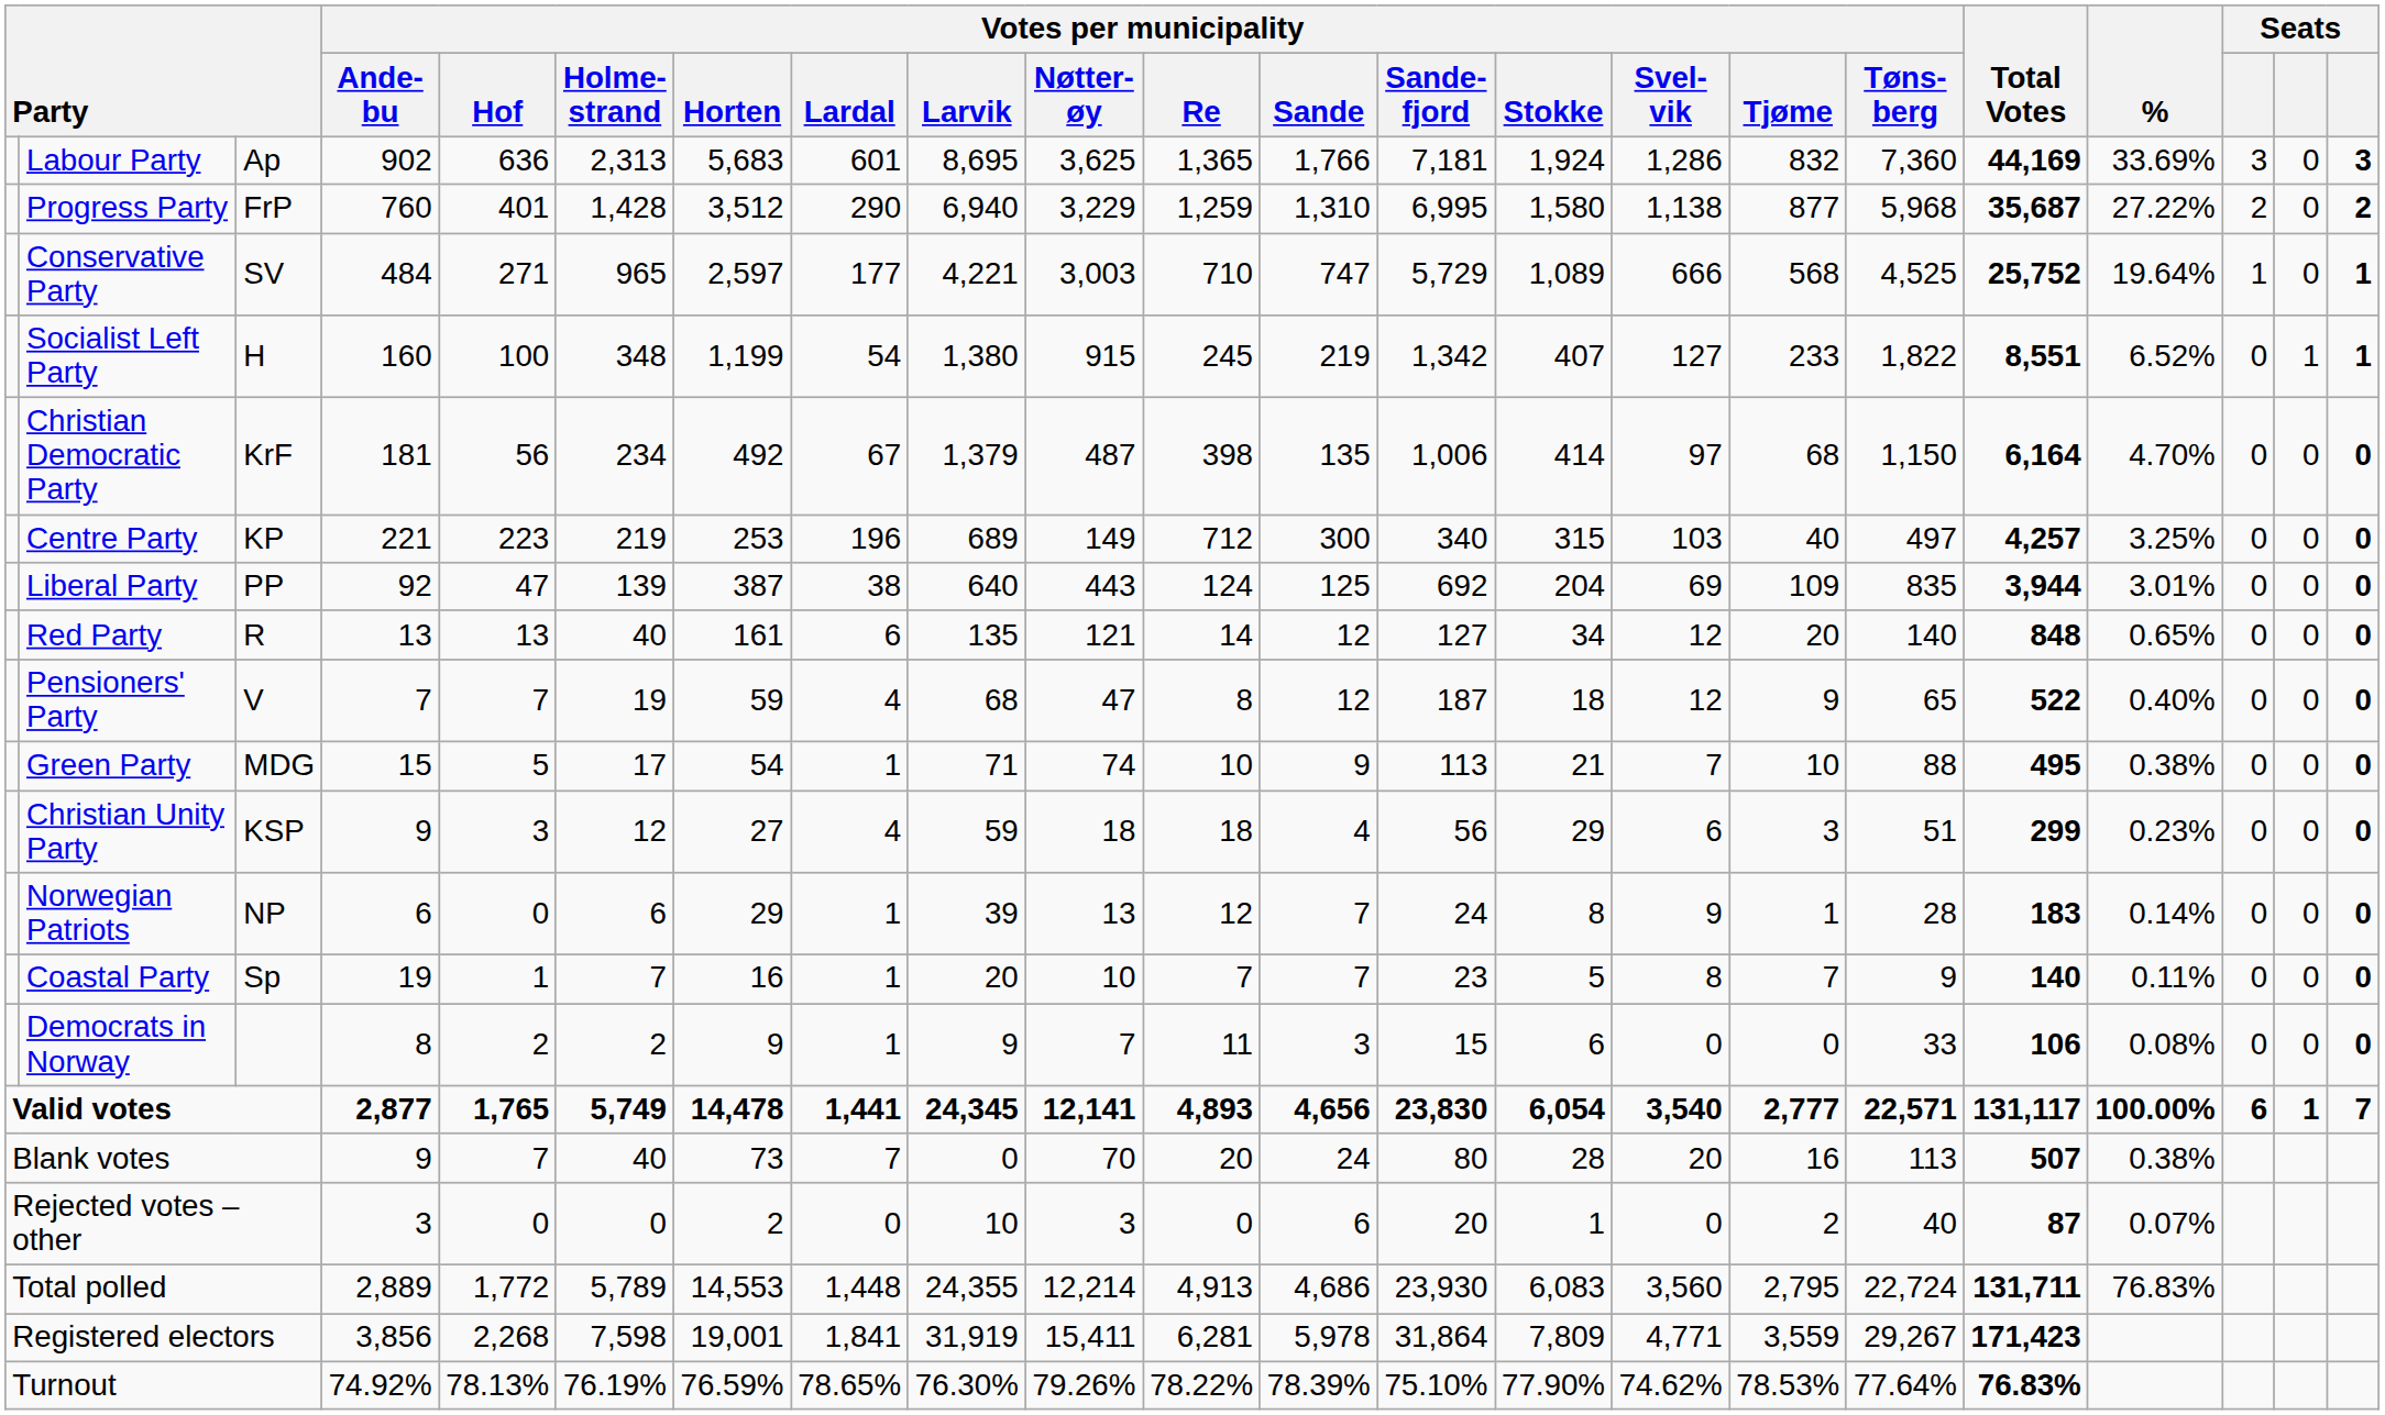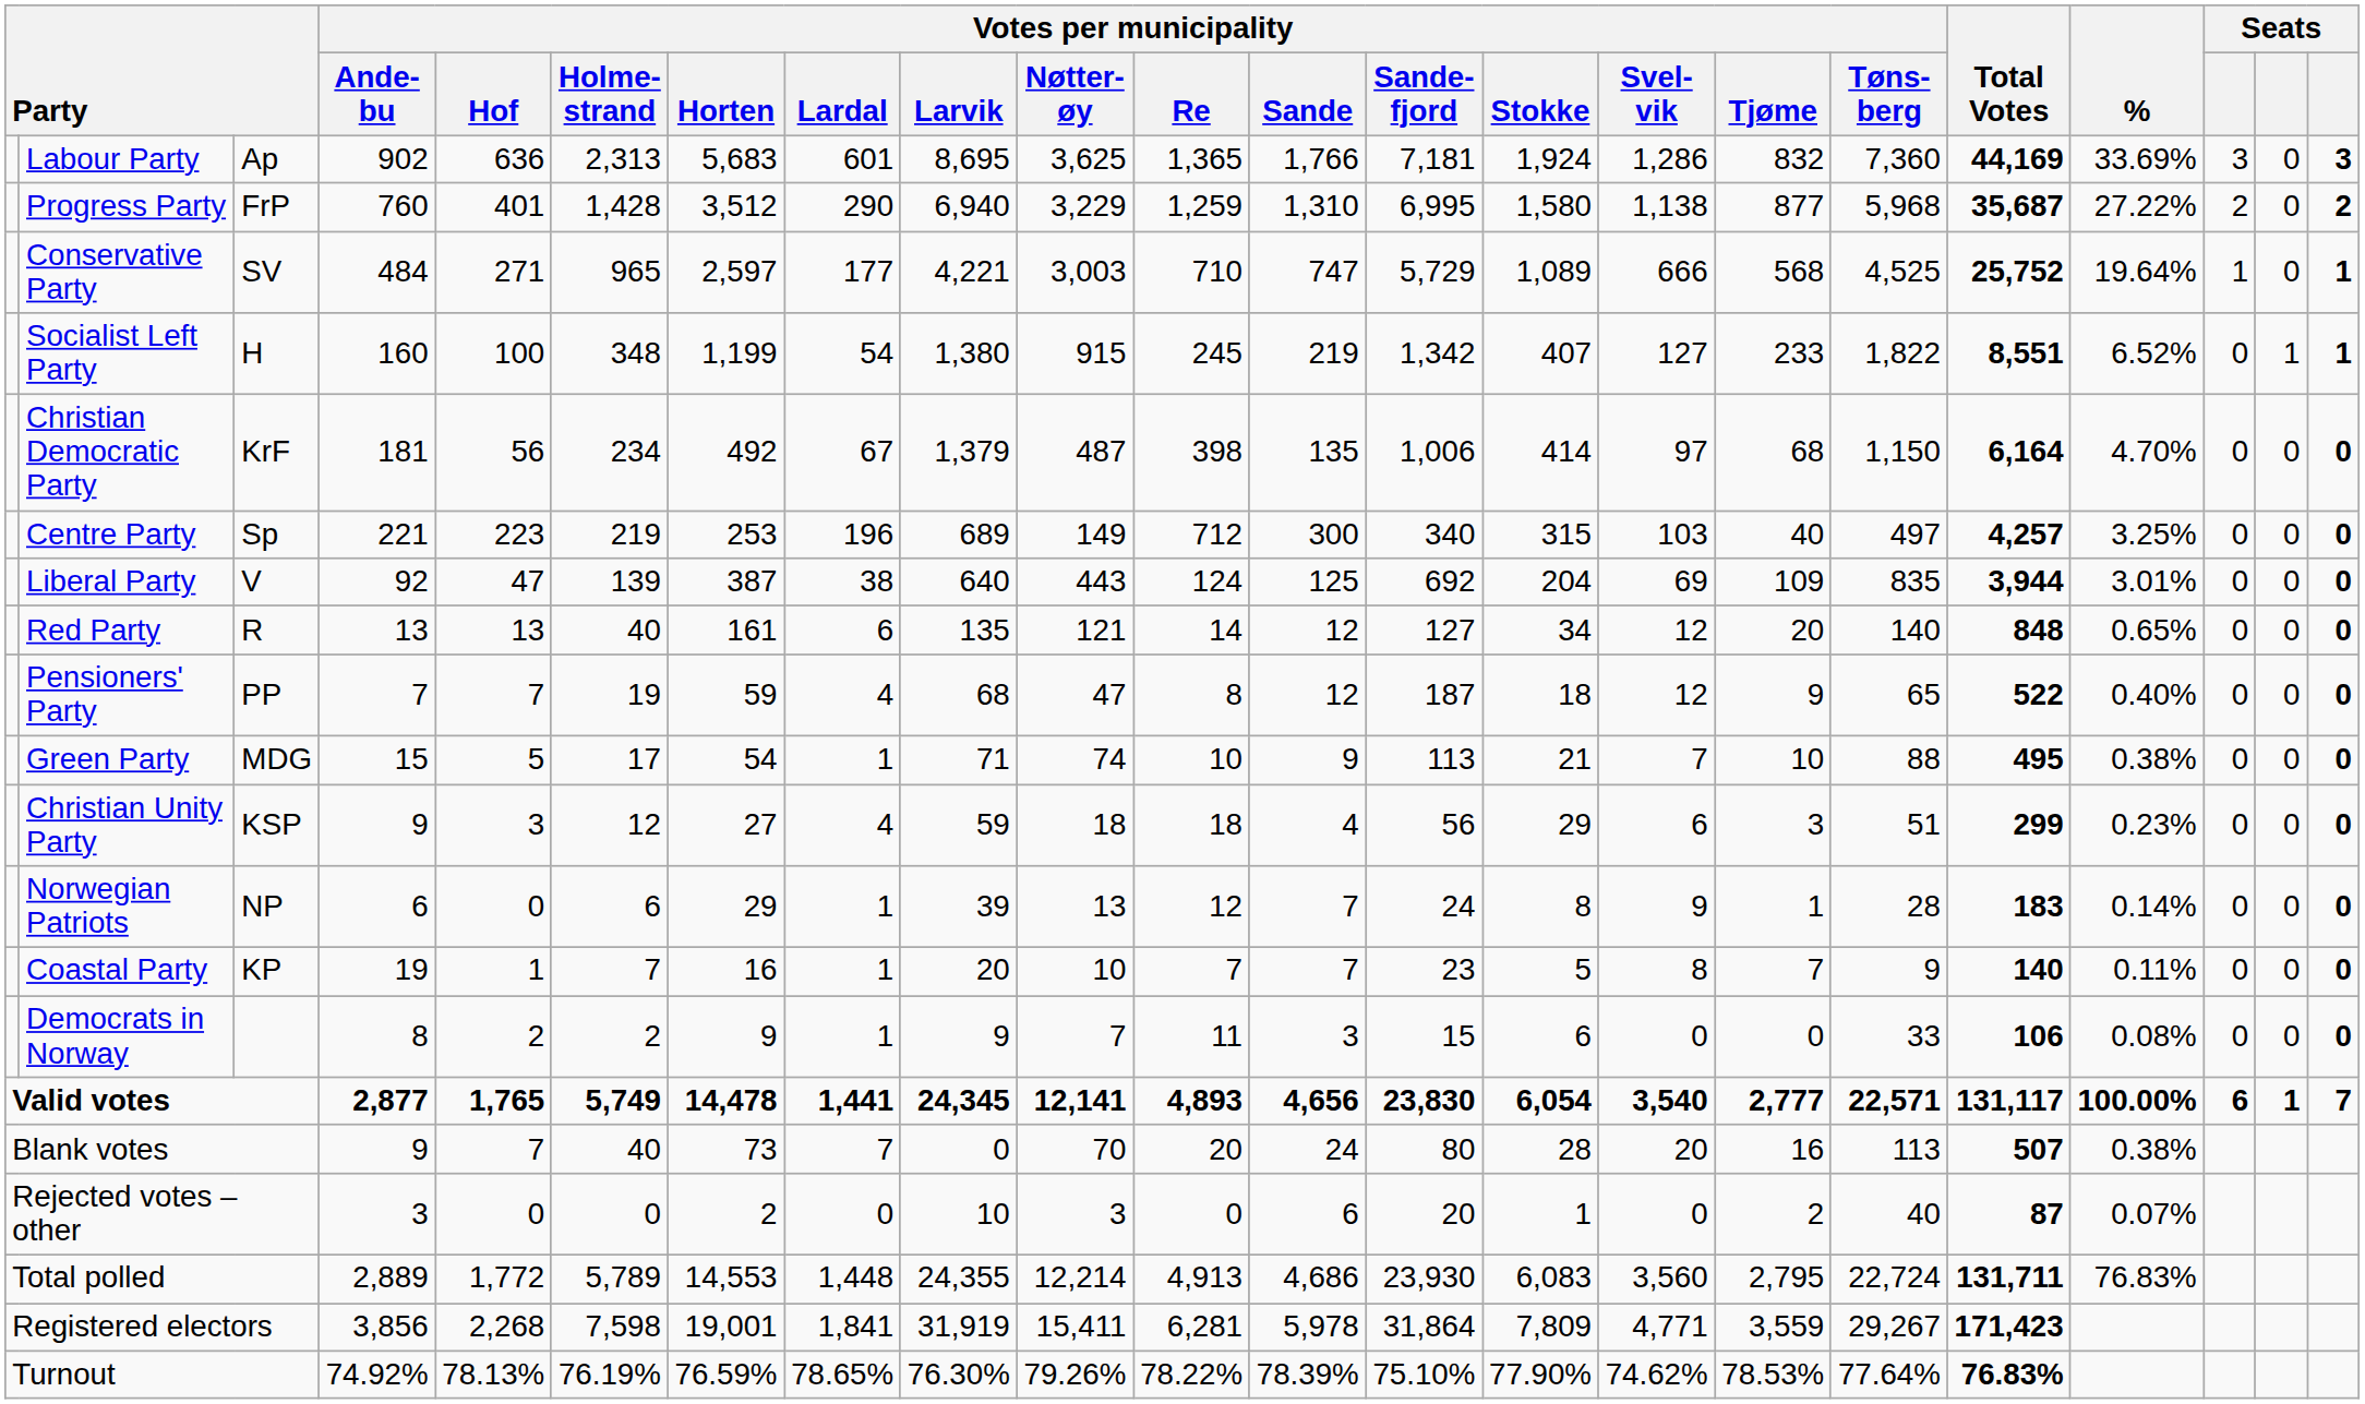 <table class="wikitable" border="1" style="text-align:right;">
 <tr>
 <th style="text-align:left;" valign=bottom rowspan=2 colspan=3>Party</th>
 <th colspan=14>Votes per municipality</th>
 <th align=center valign=bottom rowspan=2 width="50">Total Votes</th>
 <th align=center valign=bottom rowspan=2 width="50">%</th>
 <th colspan=3>Seats</th>
 </tr>
 <tr>
 <th align=center valign=bottom width="50"><a href='#'>Ande- bu</a></th>
 <th align=center valign=bottom width="50"><a href='#'>Hof</a></th>
 <th align=center valign=bottom width="50"><a href='#'>Holme- strand</a></th>
 <th align=center valign=bottom width="50"><a href='#'>Horten</a></th>
 <th align=center valign=bottom width="50"><a href='#'>Lardal</a></th>
 <th align=center valign=bottom width="50"><a href='#'>Larvik</a></th>
 <th align=center valign=bottom width="50"><a href='#'>Nøtter- øy</a></th>
 <th align=center valign=bottom width="50"><a href='#'>Re</a></th>
 <th align=center valign=bottom width="50"><a href='#'>Sande</a></th>
 <th align=center valign=bottom width="50"><a href='#'>Sande- fjord</a></th>
 <th align=center valign=bottom width="50"><a href='#'>Stokke</a></th>
 <th align=center valign=bottom width="50"><a href='#'>Svel- vik</a></th>
 <th align=center valign=bottom width="50"><a href='#'>Tjøme</a></th>
 <th align=center valign=bottom width="50"><a href='#'>Tøns- berg</a></th>
 <th align=center valign=bottom width="20"><small></small></th>
 <th align=center valign=bottom width="20"><small><a href='#'></a></small></th>
 <th align=center valign=bottom width="20"><small></small></th>
 </tr>
 <tr>
 <td style="color:inherit;background:"></td>
 <td align=left><a href='#'>Labour Party</a></td>
 <td align=left>Ap</td>
 <td>902</td>
 <td>636</td>
 <td>2,313</td>
 <td>5,683</td>
 <td>601</td>
 <td>8,695</td>
 <td>3,625</td>
 <td>1,365</td>
 <td>1,766</td>
 <td>7,181</td>
 <td>1,924</td>
 <td>1,286</td>
 <td>832</td>
 <td>7,360</td>
 <td><strong>44,169</strong></td>
 <td>33.69%</td>
 <td>3</td>
 <td>0</td>
 <td><strong>3</strong></td>
 </tr>
 <tr>
 <td style="color:inherit;background:"></td>
 <td align=left><a href='#'>Progress Party</a></td>
 <td align=left>FrP</td>
 <td>760</td>
 <td>401</td>
 <td>1,428</td>
 <td>3,512</td>
 <td>290</td>
 <td>6,940</td>
 <td>3,229</td>
 <td>1,259</td>
 <td>1,310</td>
 <td>6,995</td>
 <td>1,580</td>
 <td>1,138</td>
 <td>877</td>
 <td>5,968</td>
 <td><strong>35,687</strong></td>
 <td>27.22%</td>
 <td>2</td>
 <td>0</td>
 <td><strong>2</strong></td>
 </tr>
 <tr>
 <td style="color:inherit;background:"></td>
 <td align=left><a href='#'>Conservative Party</a></td>
 <td align=left>SV</td>
 <td>484</td>
 <td>271</td>
 <td>965</td>
 <td>2,597</td>
 <td>177</td>
 <td>4,221</td>
 <td>3,003</td>
 <td>710</td>
 <td>747</td>
 <td>5,729</td>
 <td>1,089</td>
 <td>666</td>
 <td>568</td>
 <td>4,525</td>
 <td><strong>25,752</strong></td>
 <td>19.64%</td>
 <td>1</td>
 <td>0</td>
 <td><strong>1</strong></td>
 </tr>
 <tr>
 <td style="color:inherit;background:"></td>
 <td align=left><a href='#'>Socialist Left Party</a></td>
 <td align=left>H</td>
 <td>160</td>
 <td>100</td>
 <td>348</td>
 <td>1,199</td>
 <td>54</td>
 <td>1,380</td>
 <td>915</td>
 <td>245</td>
 <td>219</td>
 <td>1,342</td>
 <td>407</td>
 <td>127</td>
 <td>233</td>
 <td>1,822</td>
 <td><strong>8,551</strong></td>
 <td>6.52%</td>
 <td>0</td>
 <td>1</td>
 <td><strong>1</strong></td>
 </tr>
 <tr>
 <td style="color:inherit;background:"></td>
 <td align=left><a href='#'>Christian Democratic Party</a></td>
 <td align=left>KrF</td>
 <td>181</td>
 <td>56</td>
 <td>234</td>
 <td>492</td>
 <td>67</td>
 <td>1,379</td>
 <td>487</td>
 <td>398</td>
 <td>135</td>
 <td>1,006</td>
 <td>414</td>
 <td>97</td>
 <td>68</td>
 <td>1,150</td>
 <td><strong>6,164</strong></td>
 <td>4.70%</td>
 <td>0</td>
 <td>0</td>
 <td><strong>0</strong></td>
 </tr>
 <tr>
 <td style="color:inherit;background:"></td>
 <td align=left><a href='#'>Centre Party</a></td>
-<td align=left>KP</td>
+<td align=left>Sp</td>
 <td>221</td>
 <td>223</td>
 <td>219</td>
 <td>253</td>
 <td>196</td>
 <td>689</td>
 <td>149</td>
 <td>712</td>
 <td>300</td>
 <td>340</td>
 <td>315</td>
 <td>103</td>
 <td>40</td>
 <td>497</td>
 <td><strong>4,257</strong></td>
 <td>3.25%</td>
 <td>0</td>
 <td>0</td>
 <td><strong>0</strong></td>
 </tr>
 <tr>
 <td style="color:inherit;background:"></td>
 <td align=left><a href='#'>Liberal Party</a></td>
-<td align=left>PP</td>
+<td align=left>V</td>
 <td>92</td>
 <td>47</td>
 <td>139</td>
 <td>387</td>
 <td>38</td>
 <td>640</td>
 <td>443</td>
 <td>124</td>
 <td>125</td>
 <td>692</td>
 <td>204</td>
 <td>69</td>
 <td>109</td>
 <td>835</td>
 <td><strong>3,944</strong></td>
 <td>3.01%</td>
 <td>0</td>
 <td>0</td>
 <td><strong>0</strong></td>
 </tr>
 <tr>
 <td style="color:inherit;background:"></td>
 <td align=left><a href='#'>Red Party</a></td>
 <td align=left>R</td>
 <td>13</td>
 <td>13</td>
 <td>40</td>
 <td>161</td>
 <td>6</td>
 <td>135</td>
 <td>121</td>
 <td>14</td>
 <td>12</td>
 <td>127</td>
 <td>34</td>
 <td>12</td>
 <td>20</td>
 <td>140</td>
 <td><strong>848</strong></td>
 <td>0.65%</td>
 <td>0</td>
 <td>0</td>
 <td><strong>0</strong></td>
 </tr>
 <tr>
 <td style="color:inherit;background:"></td>
 <td align=left><a href='#'>Pensioners' Party</a></td>
-<td align=left>V</td>
+<td align=left>PP</td>
 <td>7</td>
 <td>7</td>
 <td>19</td>
 <td>59</td>
 <td>4</td>
 <td>68</td>
 <td>47</td>
 <td>8</td>
 <td>12</td>
 <td>187</td>
 <td>18</td>
 <td>12</td>
 <td>9</td>
 <td>65</td>
 <td><strong>522</strong></td>
 <td>0.40%</td>
 <td>0</td>
 <td>0</td>
 <td><strong>0</strong></td>
 </tr>
 <tr>
 <td style="color:inherit;background:"></td>
 <td align=left><a href='#'>Green Party</a></td>
 <td align=left>MDG</td>
 <td>15</td>
 <td>5</td>
 <td>17</td>
 <td>54</td>
 <td>1</td>
 <td>71</td>
 <td>74</td>
 <td>10</td>
 <td>9</td>
 <td>113</td>
 <td>21</td>
 <td>7</td>
 <td>10</td>
 <td>88</td>
 <td><strong>495</strong></td>
 <td>0.38%</td>
 <td>0</td>
 <td>0</td>
 <td><strong>0</strong></td>
 </tr>
 <tr>
 <td style="color:inherit;background:"></td>
 <td align=left><a href='#'>Christian Unity Party</a></td>
 <td align=left>KSP</td>
 <td>9</td>
 <td>3</td>
 <td>12</td>
 <td>27</td>
 <td>4</td>
 <td>59</td>
 <td>18</td>
 <td>18</td>
 <td>4</td>
 <td>56</td>
 <td>29</td>
 <td>6</td>
 <td>3</td>
 <td>51</td>
 <td><strong>299</strong></td>
 <td>0.23%</td>
 <td>0</td>
 <td>0</td>
 <td><strong>0</strong></td>
 </tr>
 <tr>
 <td style="color:inherit;background:"></td>
 <td align=left><a href='#'>Norwegian Patriots</a></td>
 <td align=left>NP</td>
 <td>6</td>
 <td>0</td>
 <td>6</td>
 <td>29</td>
 <td>1</td>
 <td>39</td>
 <td>13</td>
 <td>12</td>
 <td>7</td>
 <td>24</td>
 <td>8</td>
 <td>9</td>
 <td>1</td>
 <td>28</td>
 <td><strong>183</strong></td>
 <td>0.14%</td>
 <td>0</td>
 <td>0</td>
 <td><strong>0</strong></td>
 </tr>
 <tr>
 <td style="color:inherit;background:"></td>
 <td align=left><a href='#'>Coastal Party</a></td>
-<td align=left>Sp</td>
+<td align=left>KP</td>
 <td>19</td>
 <td>1</td>
 <td>7</td>
 <td>16</td>
 <td>1</td>
 <td>20</td>
 <td>10</td>
 <td>7</td>
 <td>7</td>
 <td>23</td>
 <td>5</td>
 <td>8</td>
 <td>7</td>
 <td>9</td>
 <td><strong>140</strong></td>
 <td>0.11%</td>
 <td>0</td>
 <td>0</td>
 <td><strong>0</strong></td>
 </tr>
 <tr>
 <td style="color:inherit;background:"></td>
 <td align=left><a href='#'>Democrats in Norway</a></td>
 <td align=left></td>
 <td>8</td>
 <td>2</td>
 <td>2</td>
 <td>9</td>
 <td>1</td>
 <td>9</td>
 <td>7</td>
 <td>11</td>
 <td>3</td>
 <td>15</td>
 <td>6</td>
 <td>0</td>
 <td>0</td>
 <td>33</td>
 <td><strong>106</strong></td>
 <td>0.08%</td>
 <td>0</td>
 <td>0</td>
 <td><strong>0</strong></td>
 </tr>
 <tr style="font-weight:bold">
 <td align=left colspan=3>Valid votes</td>
 <td>2,877</td>
 <td>1,765</td>
 <td>5,749</td>
 <td>14,478</td>
 <td>1,441</td>
 <td>24,345</td>
 <td>12,141</td>
 <td>4,893</td>
 <td>4,656</td>
 <td>23,830</td>
 <td>6,054</td>
 <td>3,540</td>
 <td>2,777</td>
 <td>22,571</td>
 <td>131,117</td>
 <td>100.00%</td>
 <td>6</td>
 <td>1</td>
 <td>7</td>
 </tr>
 <tr>
 <td align=left colspan=3>Blank votes</td>
 <td>9</td>
 <td>7</td>
 <td>40</td>
 <td>73</td>
 <td>7</td>
 <td>0</td>
 <td>70</td>
 <td>20</td>
 <td>24</td>
 <td>80</td>
 <td>28</td>
 <td>20</td>
 <td>16</td>
 <td>113</td>
 <td><strong>507</strong></td>
 <td>0.38%</td>
 <td></td>
 <td></td>
 <td></td>
 </tr>
 <tr>
 <td align=left colspan=3>Rejected votes – other</td>
 <td>3</td>
 <td>0</td>
 <td>0</td>
 <td>2</td>
 <td>0</td>
 <td>10</td>
 <td>3</td>
 <td>0</td>
 <td>6</td>
 <td>20</td>
 <td>1</td>
 <td>0</td>
 <td>2</td>
 <td>40</td>
 <td><strong>87</strong></td>
 <td>0.07%</td>
 <td></td>
 <td></td>
 <td></td>
 </tr>
 <tr>
 <td align=left colspan=3>Total polled</td>
 <td>2,889</td>
 <td>1,772</td>
 <td>5,789</td>
 <td>14,553</td>
 <td>1,448</td>
 <td>24,355</td>
 <td>12,214</td>
 <td>4,913</td>
 <td>4,686</td>
 <td>23,930</td>
 <td>6,083</td>
 <td>3,560</td>
 <td>2,795</td>
 <td>22,724</td>
 <td><strong>131,711</strong></td>
 <td>76.83%</td>
 <td></td>
 <td></td>
 <td></td>
 </tr>
 <tr>
 <td align=left colspan=3>Registered electors</td>
 <td>3,856</td>
 <td>2,268</td>
 <td>7,598</td>
 <td>19,001</td>
 <td>1,841</td>
 <td>31,919</td>
 <td>15,411</td>
 <td>6,281</td>
 <td>5,978</td>
 <td>31,864</td>
 <td>7,809</td>
 <td>4,771</td>
 <td>3,559</td>
 <td>29,267</td>
 <td><strong>171,423</strong></td>
 <td></td>
 <td></td>
 <td></td>
 <td></td>
 </tr>
 <tr>
 <td align=left colspan=3>Turnout</td>
 <td>74.92%</td>
 <td>78.13%</td>
 <td>76.19%</td>
 <td>76.59%</td>
 <td>78.65%</td>
 <td>76.30%</td>
 <td>79.26%</td>
 <td>78.22%</td>
 <td>78.39%</td>
 <td>75.10%</td>
 <td>77.90%</td>
 <td>74.62%</td>
 <td>78.53%</td>
 <td>77.64%</td>
 <td><strong>76.83%</strong></td>
 <td></td>
 <td></td>
 <td></td>
 <td></td>
 </tr>
 </table>
